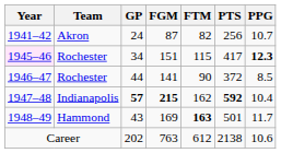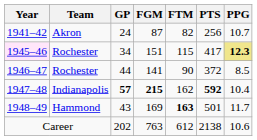 <table class="wikitable sortable" style="font-size:95%; text-align:right;">
 <tr>
 <th>Year</th>
 <th>Team</th>
 <th>GP</th>
 <th>FGM</th>
 <th>FTM</th>
 <th>PTS</th>
 <th>PPG</th>
 </tr>
 <tr>
 <td style="text-align:left;"><a href='#'>1941–42</a></td>
 <td style="text-align:left;"><a href='#'>Akron</a></td>
 <td>24</td>
 <td>87</td>
 <td>82</td>
 <td>256</td>
 <td>10.7</td>
 </tr>
 <tr>
 <td style="text-align:left; background:#ffe6fa;"><a href='#'>1945–46</a></td>
 <td style="text-align:left;"><a href='#'>Rochester</a></td>
 <td>34</td>
 <td>151</td>
 <td>115</td>
 <td>417</td>
-<td><strong>12.3</strong></td>
+<td style="background: khaki;"><strong>12.3</strong></td>
 </tr>
 <tr>
 <td style="text-align:left;"><a href='#'>1946–47</a></td>
 <td style="text-align:left;"><a href='#'>Rochester</a></td>
 <td>44</td>
 <td>141</td>
 <td>90</td>
 <td>372</td>
 <td>8.5</td>
 </tr>
 <tr>
 <td style="text-align:left;"><a href='#'>1947–48</a></td>
 <td style="text-align:left;"><a href='#'>Indianapolis</a></td>
 <td><strong>57</strong></td>
 <td><strong>215</strong></td>
 <td>162</td>
 <td><strong>592</strong></td>
 <td>10.4</td>
 </tr>
 <tr>
 <td style="text-align:left;"><a href='#'>1948–49</a></td>
 <td style="text-align:left;"><a href='#'>Hammond</a></td>
 <td>43</td>
 <td>169</td>
 <td><strong>163</strong></td>
 <td>501</td>
 <td>11.7</td>
 </tr>
 <tr>
 <td style="text-align:center;" colspan="2">Career</td>
 <td>202</td>
 <td>763</td>
 <td>612</td>
 <td>2138</td>
 <td>10.6</td>
 </tr>
 </table>
